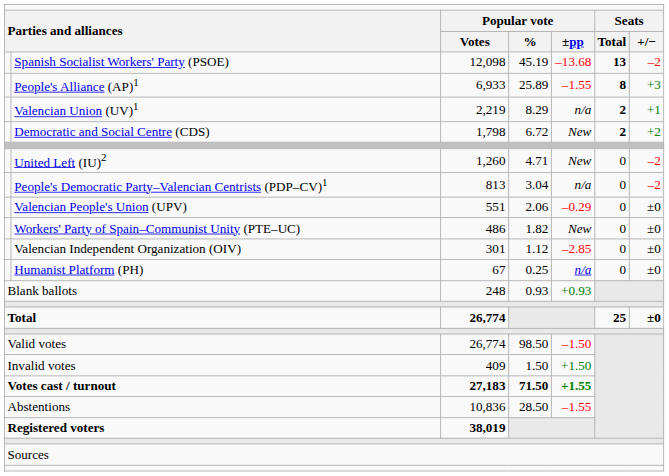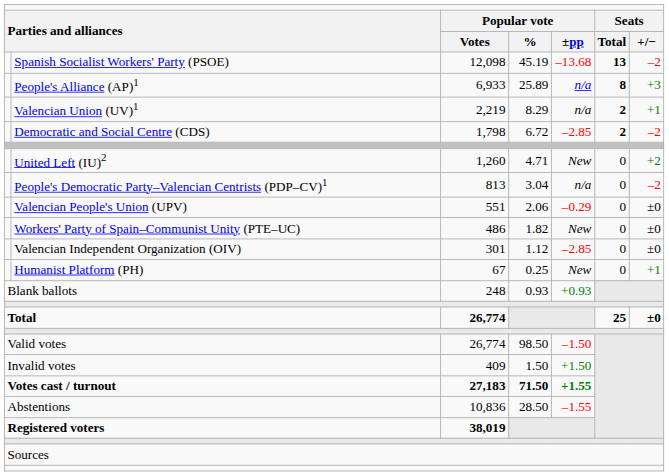 <table class="wikitable" style="text-align:right;">
 <tr>
 <td colspan="7"></td>
 </tr>
 <tr>
 <th style="text-align:left;" rowspan="2" colspan="2" width="525">Parties and alliances</th>
 <th colspan="3">Popular vote</th>
 <th colspan="2">Seats</th>
 </tr>
 <tr>
 <th width="75">Votes</th>
 <th width="45">%</th>
 <th width="45">±<a href='#'>pp</a></th>
 <th width="35">Total</th>
 <th width="35">+/−</th>
 </tr>
 <tr>
 <td width="1" style="color:inherit;background:"></td>
 <td align="left"><a href='#'>Spanish Socialist Workers' Party</a> (PSOE)</td>
 <td>12,098</td>
 <td>45.19</td>
 <td style="color:red;">–13.68</td>
 <td><strong>13</strong></td>
 <td style="color:red;">–2</td>
 </tr>
 <tr>
 <td style="color:inherit;background:"></td>
 <td align="left"><a href='#'>People's Alliance</a> (AP)<sup>1</sup></td>
 <td>6,933</td>
 <td>25.89</td>
-<td style="color:red;">–1.55</td>
+<td><em><a href='#'>n/a</a></em></td>
 <td><strong>8</strong></td>
 <td style="color:green;">+3</td>
 </tr>
 <tr>
 <td style="color:inherit;background:"></td>
 <td align="left"><a href='#'>Valencian Union</a> (UV)<sup>1</sup></td>
 <td>2,219</td>
 <td>8.29</td>
 <td><em>n/a</em></td>
 <td><strong>2</strong></td>
 <td style="color:green;">+1</td>
 </tr>
 <tr>
 <td style="color:inherit;background:"></td>
 <td align="left"><a href='#'>Democratic and Social Centre</a> (CDS)</td>
 <td>1,798</td>
 <td>6.72</td>
-<td><em>New</em></td>
+<td style="color:red;">–2.85</td>
 <td><strong>2</strong></td>
-<td style="color:green;">+2</td>
+<td style="color:red;">–2</td>
 </tr>
 <tr>
 <td colspan="7" bgcolor="#C0C0C0"></td>
 </tr>
 <tr>
 <td style="color:inherit;background:"></td>
 <td align="left"><a href='#'>United Left</a> (IU)<sup>2</sup></td>
 <td>1,260</td>
 <td>4.71</td>
 <td><em>New</em></td>
 <td>0</td>
-<td style="color:red;">–2</td>
+<td style="color:green;">+2</td>
 </tr>
 <tr>
 <td style="color:inherit;background:"></td>
 <td align="left"><a href='#'>People's Democratic Party–Valencian Centrists</a> (PDP–CV)<sup>1</sup></td>
 <td>813</td>
 <td>3.04</td>
 <td><em>n/a</em></td>
 <td>0</td>
 <td style="color:red;">–2</td>
 </tr>
 <tr>
 <td style="color:inherit;background:"></td>
 <td align="left"><a href='#'>Valencian People's Union</a> (UPV)</td>
 <td>551</td>
 <td>2.06</td>
 <td style="color:red;">–0.29</td>
 <td>0</td>
 <td>±0</td>
 </tr>
 <tr>
 <td style="color:inherit;background:"></td>
 <td align="left"><a href='#'>Workers' Party of Spain–Communist Unity</a> (PTE–UC)</td>
 <td>486</td>
 <td>1.82</td>
 <td><em>New</em></td>
 <td>0</td>
 <td>±0</td>
 </tr>
 <tr>
 <td style="color:inherit;background:"></td>
 <td align="left">Valencian Independent Organization (OIV)</td>
 <td>301</td>
 <td>1.12</td>
 <td style="color:red;">–2.85</td>
 <td>0</td>
 <td>±0</td>
 </tr>
 <tr>
 <td style="color:inherit;background:"></td>
 <td align="left"><a href='#'>Humanist Platform</a> (PH)</td>
 <td>67</td>
 <td>0.25</td>
-<td><em><a href='#'>n/a</a></em></td>
+<td><em>New</em></td>
 <td>0</td>
-<td>±0</td>
+<td style="color:green;">+1</td>
 </tr>
 <tr>
 <td align="left" colspan="2">Blank ballots</td>
 <td>248</td>
 <td>0.93</td>
 <td style="color:green;">+0.93</td>
 <td bgcolor="#E9E9E9" colspan="2"></td>
 </tr>
 <tr>
 <td colspan="7" bgcolor="#E9E9E9"></td>
 </tr>
 <tr style="font-weight:bold;">
 <td align="left" colspan="2">Total</td>
 <td>26,774</td>
 <td bgcolor="#E9E9E9" colspan="2"></td>
 <td>25</td>
 <td>±0</td>
 </tr>
 <tr>
 <td colspan="7" bgcolor="#E9E9E9"></td>
 </tr>
 <tr>
 <td align="left" colspan="2">Valid votes</td>
 <td>26,774</td>
 <td>98.50</td>
 <td style="color:red;">–1.50</td>
 <td bgcolor="#E9E9E9" colspan="2" rowspan="5"></td>
 </tr>
 <tr>
 <td align="left" colspan="2">Invalid votes</td>
 <td>409</td>
 <td>1.50</td>
 <td style="color:green;">+1.50</td>
 </tr>
 <tr style="font-weight:bold;">
 <td align="left" colspan="2">Votes cast / turnout</td>
 <td>27,183</td>
 <td>71.50</td>
 <td style="color:green;">+1.55</td>
 </tr>
 <tr>
 <td align="left" colspan="2">Abstentions</td>
 <td>10,836</td>
 <td>28.50</td>
 <td style="color:red;">–1.55</td>
 </tr>
 <tr style="font-weight:bold;">
 <td align="left" colspan="2">Registered voters</td>
 <td>38,019</td>
 <td bgcolor="#E9E9E9" colspan="2"></td>
 </tr>
 <tr>
 <td colspan="7" bgcolor="#E9E9E9"></td>
 </tr>
 <tr>
 <td align="left" colspan="7">Sources</td>
 </tr>
 <tr>
 <td colspan="7" style="text-align:left; max-width:790px;"></td>
 </tr>
 </table>
